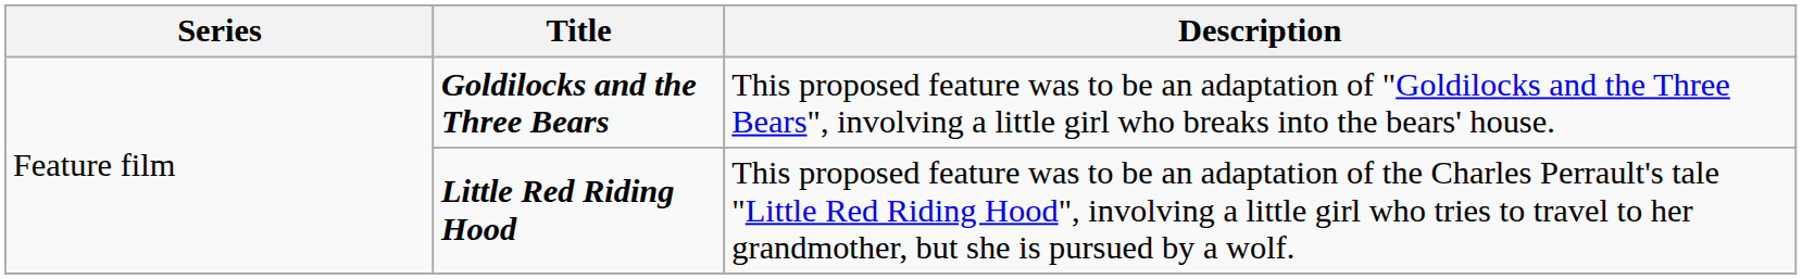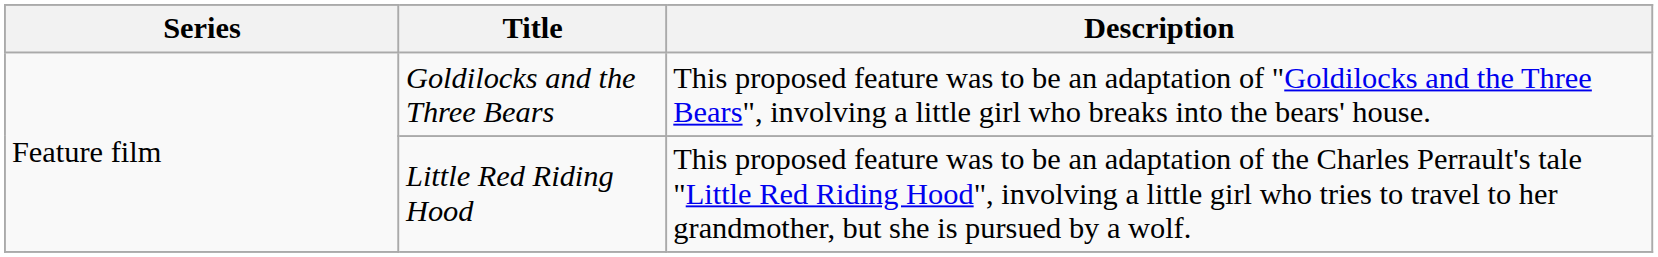 <table class="wikitable">
 <tr>
 <th style="width:150pt;">Series</th>
 <th style="width:100pt;">Title</th>
 <th>Description</th>
 </tr>
 <tr>
 <td rowspan="2">Feature film</td>
-<td><strong><em>Goldilocks and the Three Bears</em></strong></td>
+<td><em>Goldilocks and the Three Bears</em></td>
 <td>This proposed feature was to be an adaptation of "<a href='#'>Goldilocks and the Three Bears</a>", involving a little girl who breaks into the bears' house.</td>
 </tr>
 <tr>
-<td><strong><em>Little Red Riding Hood</em></strong></td>
+<td><em>Little Red Riding Hood</em></td>
 <td>This proposed feature was to be an adaptation of the Charles Perrault's tale "<a href='#'>Little Red Riding Hood</a>", involving a little girl who tries to travel to her grandmother, but she is pursued by a wolf.</td>
 </tr>
 </table>
